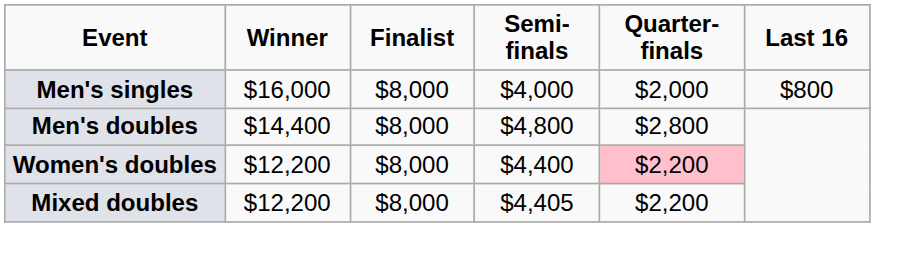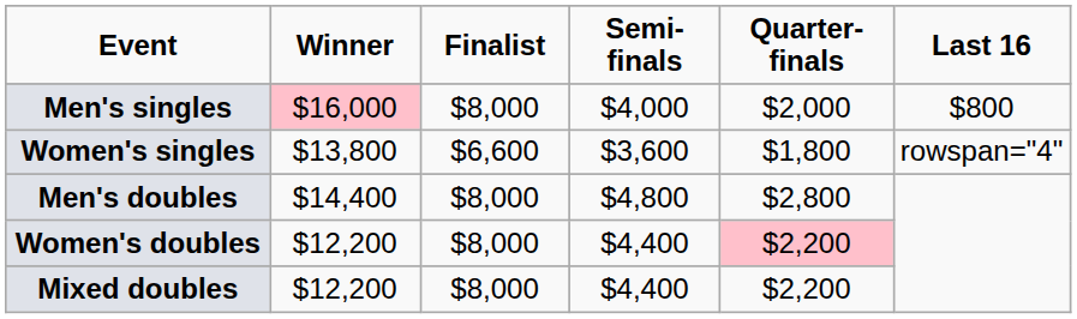 <table class="wikitable" style="font-size:90%; text-align:center">
 <tr>
 <td width="125"><strong>Event</strong></td>
 <td width="68"><strong>Winner</strong></td>
 <td width="68"><strong>Finalist</strong></td>
 <td width="68"><strong>Semi-finals</strong></td>
 <td width="80"><strong>Quarter-finals</strong></td>
 <td width="68"><strong>Last 16</strong></td>
 </tr>
 <tr>
 <td bgcolor="#dfe2e9"><strong>Men's singles</strong></td>
-<td>$16,000</td>
+<td style="background: pink;">$16,000</td>
 <td>$8,000</td>
 <td>$4,000</td>
 <td>$2,000</td>
 <td>$800</td>
+</tr>
+<tr>
+<td bgcolor="#dfe2e9"><strong>Women's singles</strong></td>
+<td>$13,800</td>
+<td>$6,600</td>
+<td>$3,600</td>
+<td>$1,800</td>
+<td>rowspan="4" </td>
 </tr>
 <tr>
 <td bgcolor="#dfe2e9"><strong>Men's doubles</strong></td>
 <td>$14,400</td>
 <td>$8,000</td>
 <td>$4,800</td>
 <td>$2,800</td>
 </tr>
 <tr>
 <td bgcolor="#dfe2e9"><strong>Women's doubles</strong></td>
 <td>$12,200</td>
 <td>$8,000</td>
 <td>$4,400</td>
 <td style="background: pink;">$2,200</td>
 </tr>
 <tr>
 <td bgcolor="#dfe2e9"><strong>Mixed doubles</strong></td>
 <td>$12,200</td>
 <td>$8,000</td>
-<td>$4,405</td>
+<td>$4,400</td>
 <td>$2,200</td>
 </tr>
 </table>
